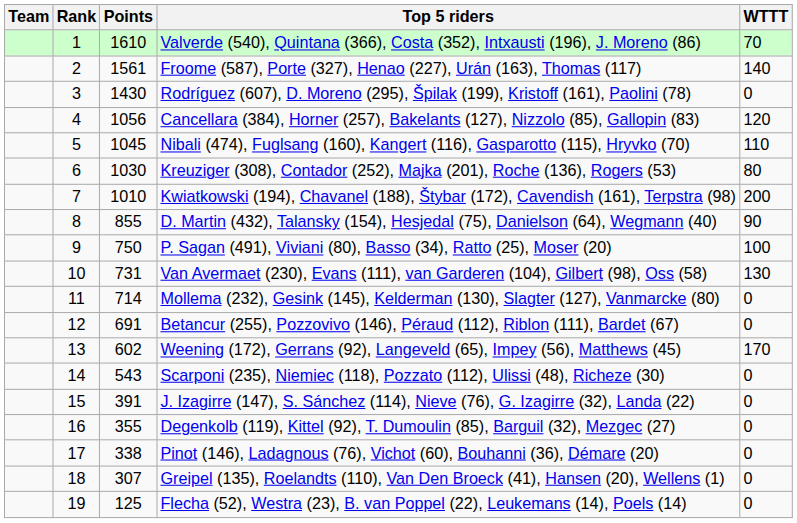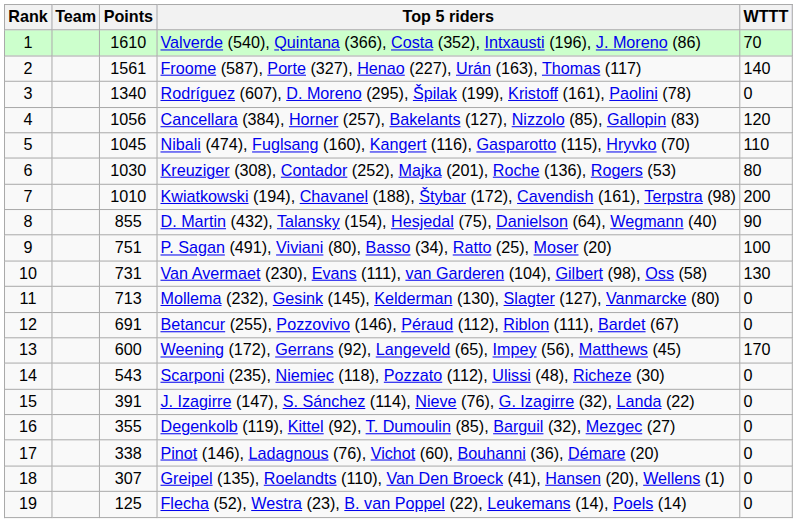 <table class="wikitable">
 <tr style="background:#ccf;">
+<th>Rank</th>
 <th>Team</th>
-<th>Rank</th>
 <th>Points</th>
 <th>Top 5 riders</th>
 <th>WTTT</th>
 </tr>
 <tr bgcolor=#ccffcc>
+<td align=center>1</td>
 <td></td>
-<td align=center>1</td>
 <td align=center>1610</td>
 <td><a href='#'>Valverde</a> (540), <a href='#'>Quintana</a> (366), <a href='#'>Costa</a> (352), <a href='#'>Intxausti</a> (196), <a href='#'>J. Moreno</a> (86)</td>
 <td>70</td>
 </tr>
 <tr>
+<td align=center>2</td>
 <td></td>
-<td align=center>2</td>
 <td align=center>1561</td>
 <td><a href='#'>Froome</a> (587), <a href='#'>Porte</a> (327), <a href='#'>Henao</a> (227), <a href='#'>Urán</a> (163), <a href='#'>Thomas</a> (117)</td>
 <td>140</td>
 </tr>
 <tr>
+<td align=center>3</td>
 <td></td>
-<td align=center>3</td>
-<td align=center>1430</td>
+<td align=center>1340</td>
 <td><a href='#'>Rodríguez</a> (607), <a href='#'>D. Moreno</a> (295), <a href='#'>Špilak</a> (199), <a href='#'>Kristoff</a> (161), <a href='#'>Paolini</a> (78)</td>
 <td>0</td>
 </tr>
 <tr>
+<td align=center>4</td>
 <td></td>
-<td align=center>4</td>
 <td align=center>1056</td>
 <td><a href='#'>Cancellara</a> (384), <a href='#'>Horner</a> (257), <a href='#'>Bakelants</a> (127), <a href='#'>Nizzolo</a> (85), <a href='#'>Gallopin</a> (83)</td>
 <td>120</td>
 </tr>
 <tr>
+<td align=center>5</td>
 <td></td>
-<td align=center>5</td>
 <td align=center>1045</td>
 <td><a href='#'>Nibali</a> (474), <a href='#'>Fuglsang</a> (160), <a href='#'>Kangert</a> (116), <a href='#'>Gasparotto</a> (115), <a href='#'>Hryvko</a> (70)</td>
 <td>110</td>
 </tr>
 <tr>
+<td align=center>6</td>
 <td></td>
-<td align=center>6</td>
 <td align=center>1030</td>
 <td><a href='#'>Kreuziger</a> (308), <a href='#'>Contador</a> (252), <a href='#'>Majka</a> (201), <a href='#'>Roche</a> (136), <a href='#'>Rogers</a> (53)</td>
 <td>80</td>
 </tr>
 <tr>
+<td align=center>7</td>
 <td></td>
-<td align=center>7</td>
 <td align=center>1010</td>
 <td><a href='#'>Kwiatkowski</a> (194), <a href='#'>Chavanel</a> (188), <a href='#'>Štybar</a> (172), <a href='#'>Cavendish</a> (161), <a href='#'>Terpstra</a> (98)</td>
 <td>200</td>
 </tr>
 <tr>
+<td align=center>8</td>
 <td></td>
-<td align=center>8</td>
 <td align=center>855</td>
 <td><a href='#'>D. Martin</a> (432), <a href='#'>Talansky</a> (154), <a href='#'>Hesjedal</a> (75), <a href='#'>Danielson</a> (64), <a href='#'>Wegmann</a> (40)</td>
 <td>90</td>
 </tr>
 <tr>
+<td align=center>9</td>
 <td></td>
-<td align=center>9</td>
-<td align=center>750</td>
+<td align=center>751</td>
 <td><a href='#'>P. Sagan</a> (491), <a href='#'>Viviani</a> (80), <a href='#'>Basso</a> (34), <a href='#'>Ratto</a> (25), <a href='#'>Moser</a> (20)</td>
 <td>100</td>
 </tr>
 <tr>
+<td align=center>10</td>
 <td></td>
-<td align=center>10</td>
 <td align=center>731</td>
 <td><a href='#'>Van Avermaet</a> (230), <a href='#'>Evans</a> (111), <a href='#'>van Garderen</a> (104), <a href='#'>Gilbert</a> (98), <a href='#'>Oss</a> (58)</td>
 <td>130</td>
 </tr>
 <tr>
+<td align=center>11</td>
 <td></td>
-<td align=center>11</td>
-<td align=center>714</td>
+<td align=center>713</td>
 <td><a href='#'>Mollema</a> (232), <a href='#'>Gesink</a> (145), <a href='#'>Kelderman</a> (130), <a href='#'>Slagter</a> (127), <a href='#'>Vanmarcke</a> (80)</td>
 <td>0</td>
 </tr>
 <tr>
+<td align=center>12</td>
 <td></td>
-<td align=center>12</td>
 <td align=center>691</td>
 <td><a href='#'>Betancur</a> (255), <a href='#'>Pozzovivo</a> (146), <a href='#'>Péraud</a> (112), <a href='#'>Riblon</a> (111), <a href='#'>Bardet</a> (67)</td>
 <td>0</td>
 </tr>
 <tr>
+<td align=center>13</td>
 <td></td>
-<td align=center>13</td>
-<td align=center>602</td>
+<td align=center>600</td>
 <td><a href='#'>Weening</a> (172), <a href='#'>Gerrans</a> (92), <a href='#'>Langeveld</a> (65), <a href='#'>Impey</a> (56), <a href='#'>Matthews</a> (45)</td>
 <td>170</td>
 </tr>
 <tr>
+<td align=center>14</td>
 <td></td>
-<td align=center>14</td>
 <td align=center>543</td>
 <td><a href='#'>Scarponi</a> (235), <a href='#'>Niemiec</a> (118), <a href='#'>Pozzato</a> (112), <a href='#'>Ulissi</a> (48), <a href='#'>Richeze</a> (30)</td>
 <td>0</td>
 </tr>
 <tr>
+<td align=center>15</td>
 <td></td>
-<td align=center>15</td>
 <td align=center>391</td>
 <td><a href='#'>J. Izagirre</a> (147), <a href='#'>S. Sánchez</a> (114), <a href='#'>Nieve</a> (76), <a href='#'>G. Izagirre</a> (32), <a href='#'>Landa</a> (22)</td>
 <td>0</td>
 </tr>
 <tr>
+<td align=center>16</td>
 <td></td>
-<td align=center>16</td>
 <td align=center>355</td>
 <td><a href='#'>Degenkolb</a> (119), <a href='#'>Kittel</a> (92), <a href='#'>T. Dumoulin</a> (85), <a href='#'>Barguil</a> (32), <a href='#'>Mezgec</a> (27)</td>
 <td>0</td>
 </tr>
 <tr>
+<td align=center>17</td>
 <td></td>
-<td align=center>17</td>
 <td align=center>338</td>
 <td><a href='#'>Pinot</a> (146), <a href='#'>Ladagnous</a> (76), <a href='#'>Vichot</a> (60), <a href='#'>Bouhanni</a> (36), <a href='#'>Démare</a> (20)</td>
 <td>0</td>
 </tr>
 <tr>
+<td align=center>18</td>
 <td></td>
-<td align=center>18</td>
 <td align=center>307</td>
 <td><a href='#'>Greipel</a> (135), <a href='#'>Roelandts</a> (110), <a href='#'>Van Den Broeck</a> (41), <a href='#'>Hansen</a> (20), <a href='#'>Wellens</a> (1)</td>
 <td>0</td>
 </tr>
 <tr>
+<td align=center>19</td>
 <td></td>
-<td align=center>19</td>
 <td align=center>125</td>
 <td><a href='#'>Flecha</a> (52), <a href='#'>Westra</a> (23), <a href='#'>B. van Poppel</a> (22), <a href='#'>Leukemans</a> (14), <a href='#'>Poels</a> (14)</td>
 <td>0</td>
 </tr>
 </table>
